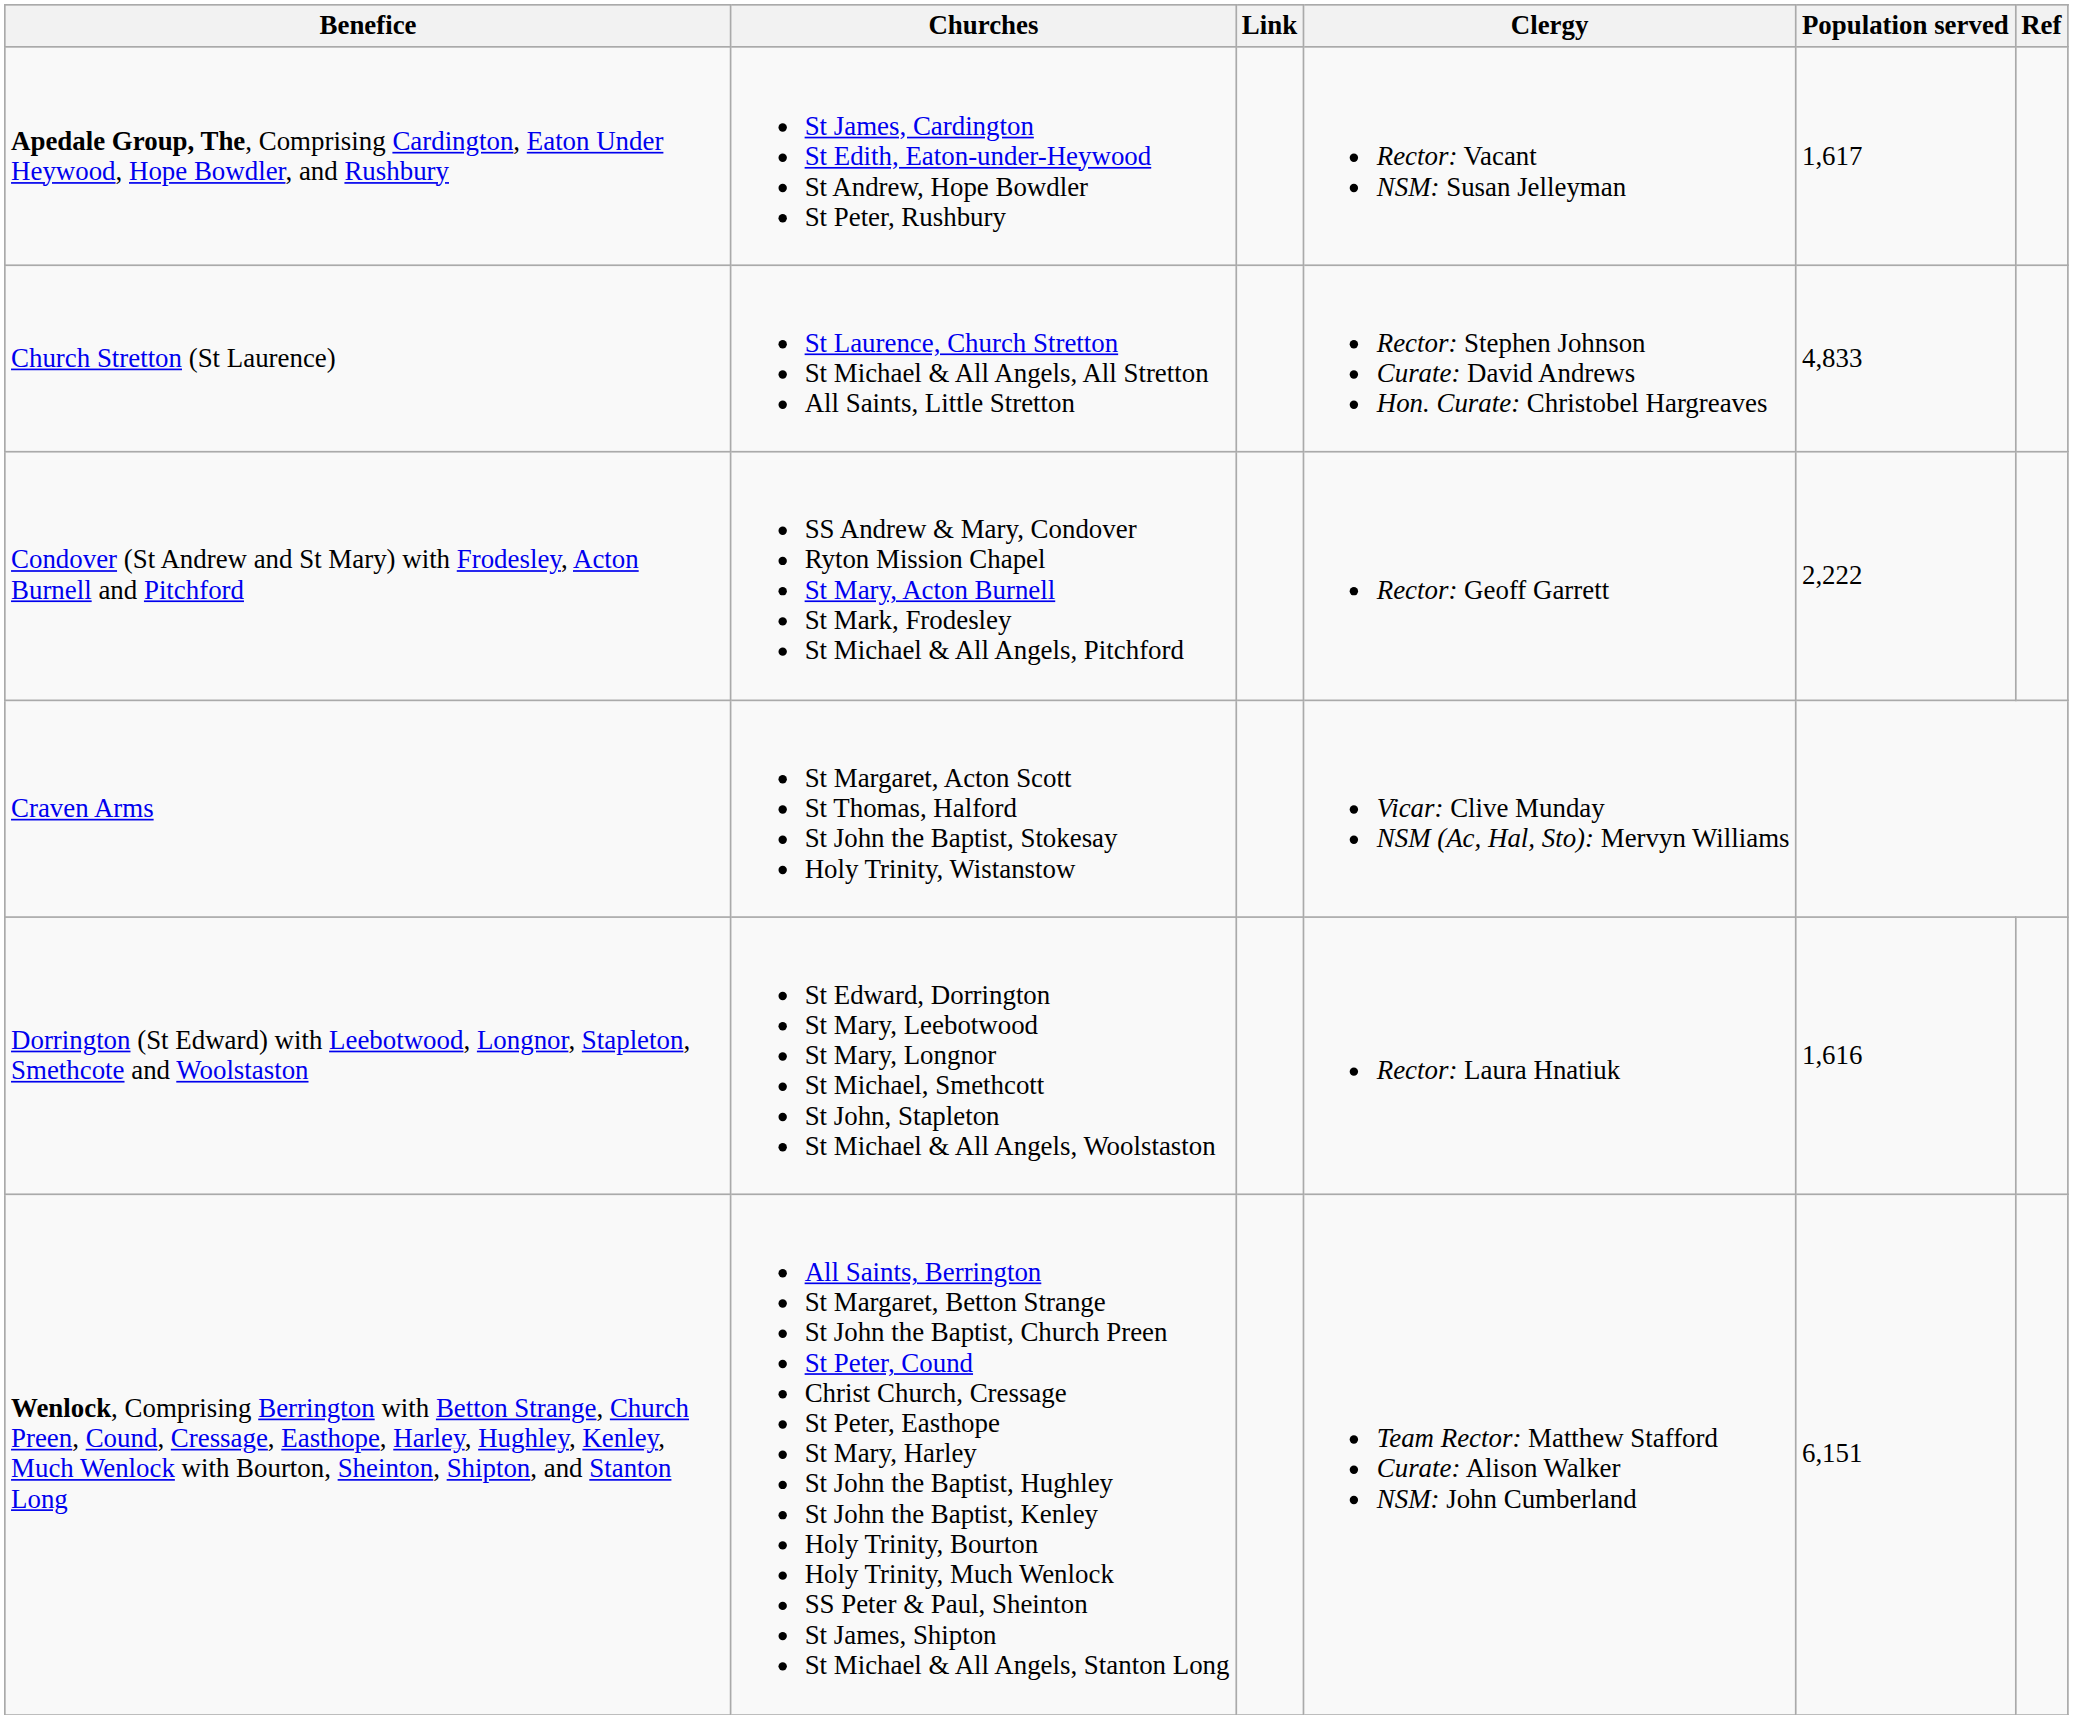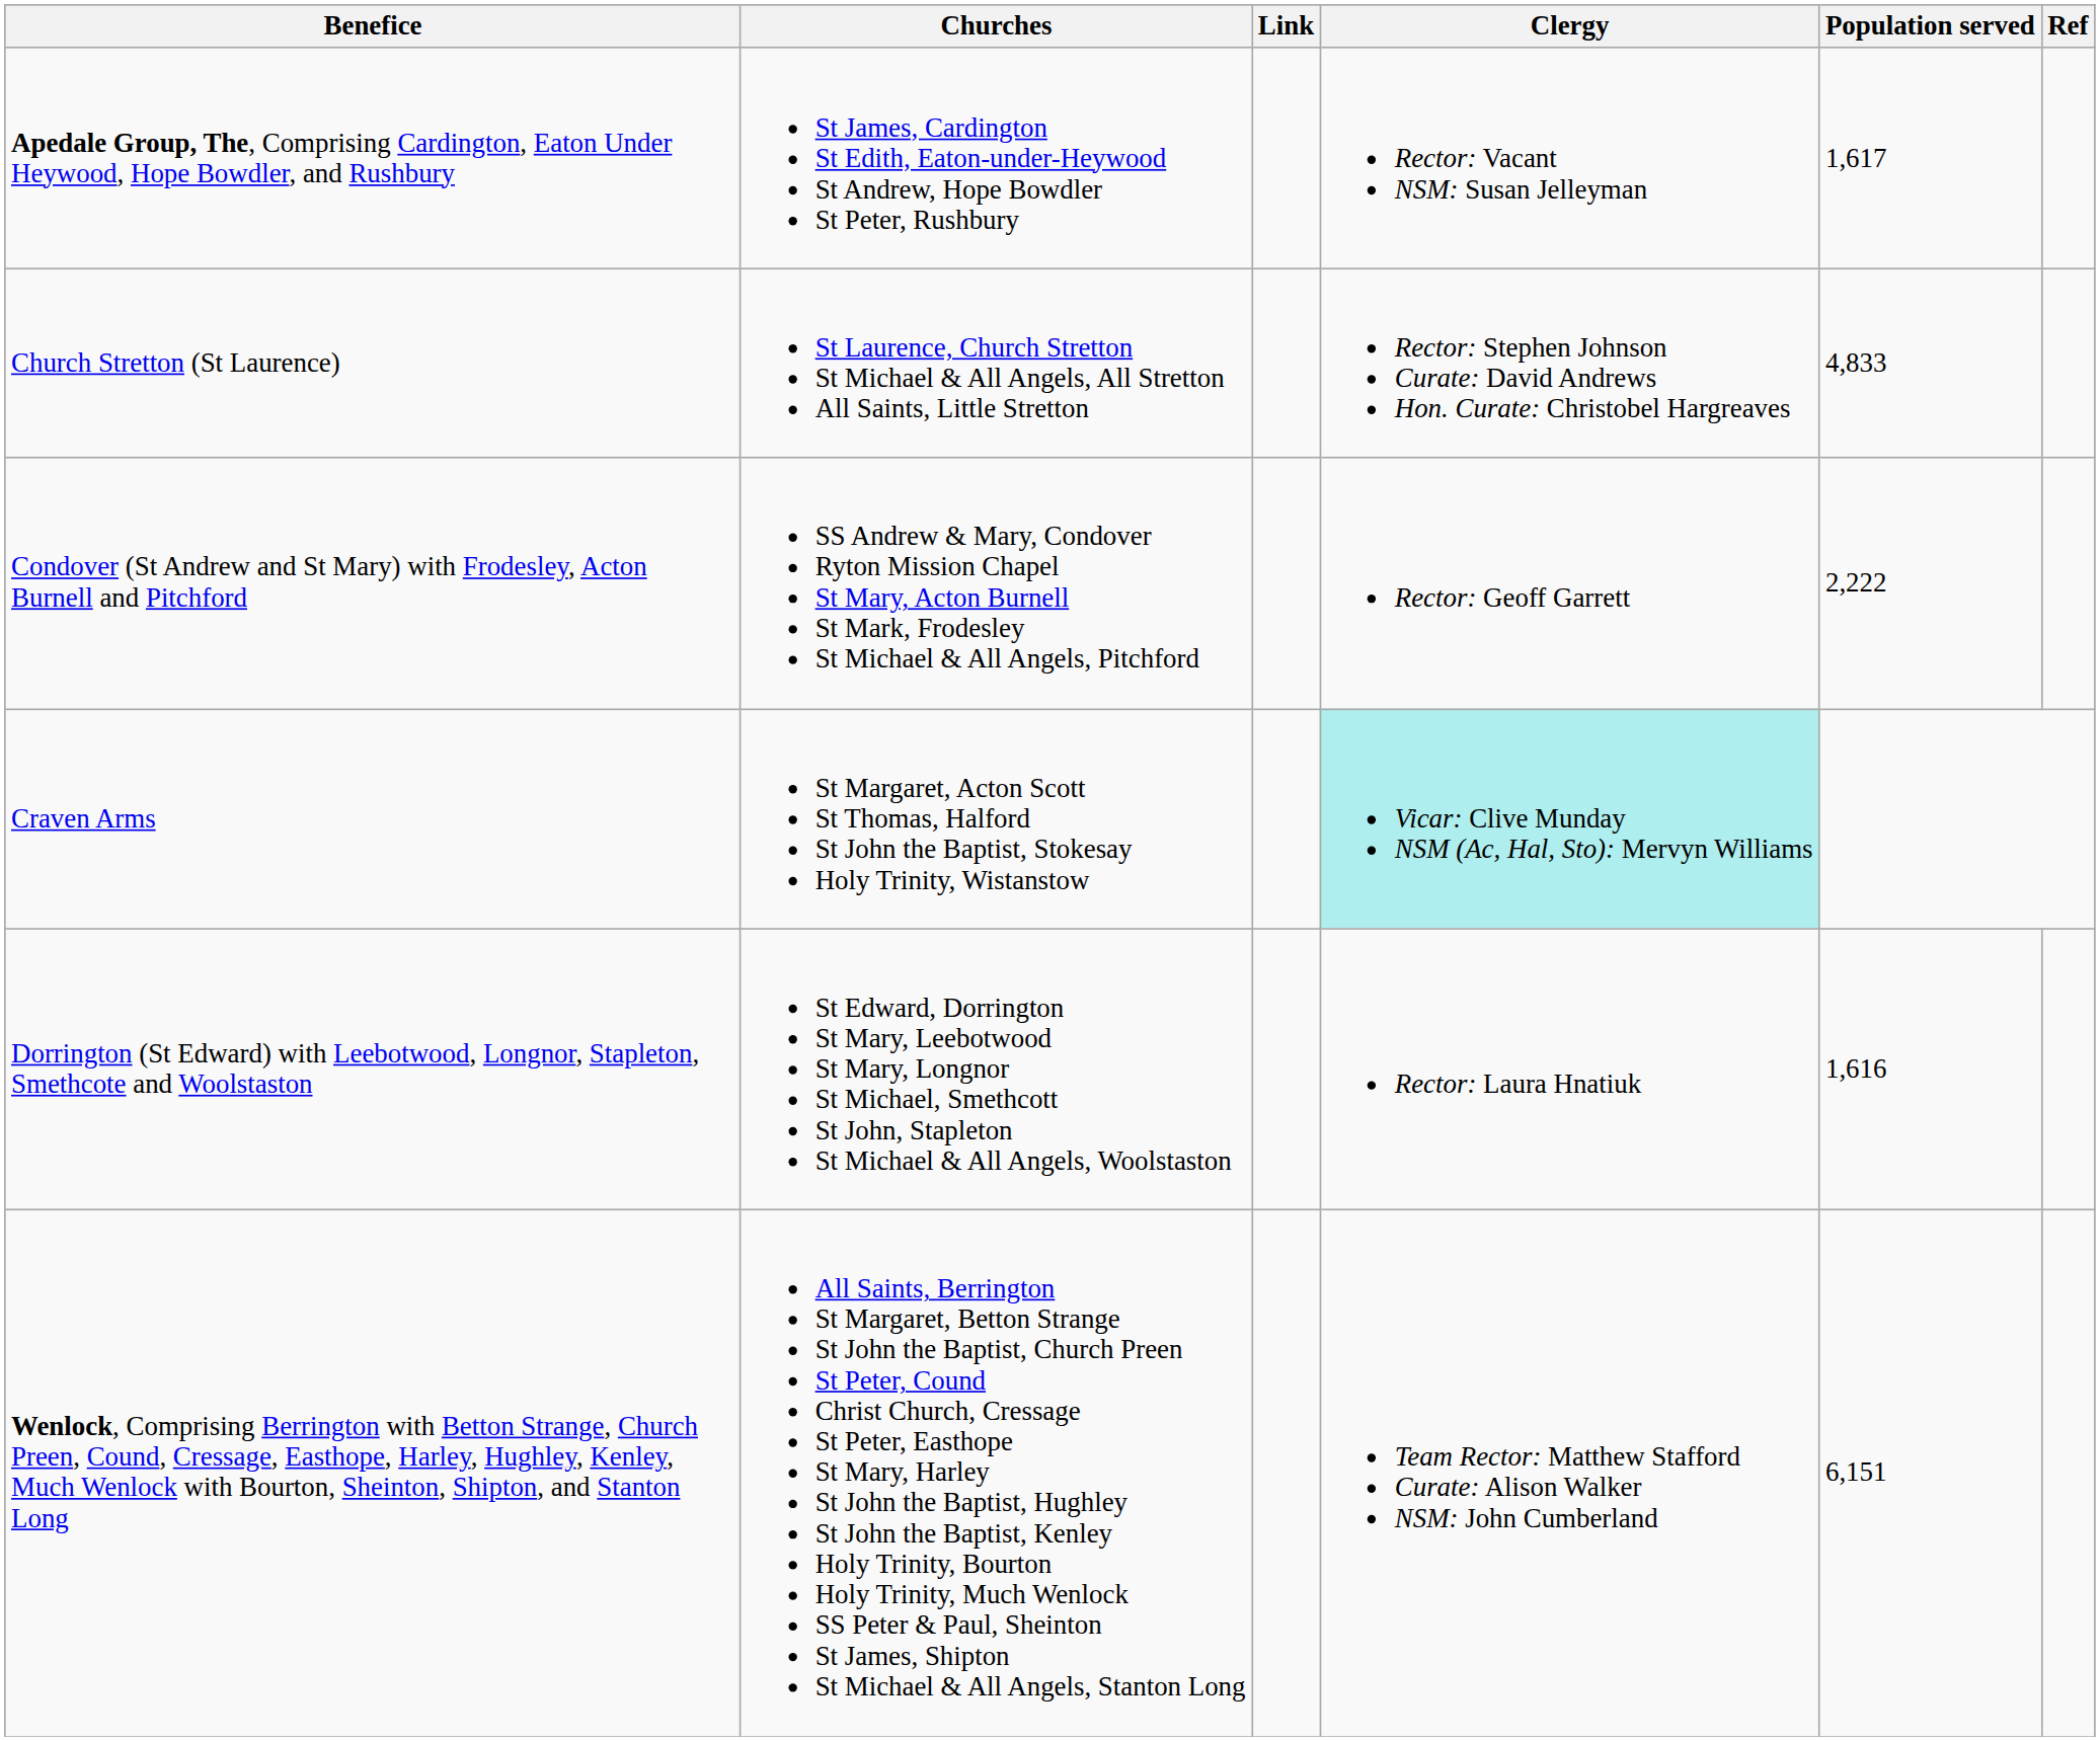 <table class="wikitable">
 <tr>
 <th width="425">Benefice</th>
 <th>Churches</th>
 <th>Link</th>
 <th>Clergy</th>
 <th>Population served</th>
 <th>Ref</th>
 </tr>
 <tr>
 <td><strong>Apedale Group, The</strong>, Comprising <a href='#'>Cardington</a>, <a href='#'>Eaton Under Heywood</a>, <a href='#'>Hope Bowdler</a>, and <a href='#'>Rushbury</a></td>
 <td><br><ul><li><a href='#'>St James, Cardington</a></li><li><a href='#'>St Edith, Eaton-under-Heywood</a></li><li>St Andrew, Hope Bowdler</li><li>St Peter, Rushbury</li></ul></td>
 <td></td>
 <td><br><ul><li><em>Rector:</em> Vacant</li><li><em>NSM:</em> Susan Jelleyman</li></ul></td>
 <td>1,617</td>
 <td></td>
 </tr>
 <tr>
 <td><a href='#'>Church Stretton</a> (St Laurence)</td>
 <td><br><ul><li><a href='#'>St Laurence, Church Stretton</a></li><li>St Michael & All Angels, All Stretton</li><li>All Saints, Little Stretton</li></ul></td>
 <td></td>
 <td><br><ul><li><em>Rector:</em> Stephen Johnson</li><li><em>Curate:</em> David Andrews</li><li><em>Hon. Curate:</em> Christobel Hargreaves</li></ul></td>
 <td>4,833</td>
 <td></td>
 </tr>
 <tr>
 <td><a href='#'>Condover</a> (St Andrew and St Mary) with <a href='#'>Frodesley</a>, <a href='#'>Acton Burnell</a> and <a href='#'>Pitchford</a></td>
 <td><br><ul><li>SS Andrew & Mary, Condover</li><li>Ryton Mission Chapel</li><li><a href='#'>St Mary, Acton Burnell</a></li><li>St Mark, Frodesley</li><li>St Michael & All Angels, Pitchford</li></ul></td>
 <td></td>
 <td><br><ul><li><em>Rector:</em> Geoff Garrett</li></ul></td>
 <td>2,222</td>
 <td></td>
 </tr>
 <tr>
 <td><a href='#'>Craven Arms</a></td>
 <td><br><ul><li>St Margaret, Acton Scott</li><li>St Thomas, Halford</li><li>St John the Baptist, Stokesay</li><li>Holy Trinity, Wistanstow</li></ul></td>
 <td></td>
-<td><br><ul><li><em>Vicar:</em> Clive Munday</li><li><em>NSM (Ac, Hal, Sto):</em> Mervyn Williams</li></ul></td>
+<td style="background: paleturquoise;"><br><ul><li><em>Vicar:</em> Clive Munday</li><li><em>NSM (Ac, Hal, Sto):</em> Mervyn Williams</li></ul></td>
 </tr>
 <tr>
 <td><a href='#'>Dorrington</a> (St Edward) with <a href='#'>Leebotwood</a>, <a href='#'>Longnor</a>, <a href='#'>Stapleton</a>, <a href='#'>Smethcote</a> and <a href='#'>Woolstaston</a></td>
 <td><br><ul><li>St Edward, Dorrington</li><li>St Mary, Leebotwood</li><li>St Mary, Longnor</li><li>St Michael, Smethcott</li><li>St John, Stapleton</li><li>St Michael & All Angels, Woolstaston</li></ul></td>
 <td></td>
 <td><br><ul><li><em>Rector:</em> Laura Hnatiuk</li></ul></td>
 <td>1,616</td>
 <td></td>
 </tr>
 <tr>
 <td><strong>Wenlock</strong>, Comprising <a href='#'>Berrington</a> with <a href='#'>Betton Strange</a>, <a href='#'>Church Preen</a>, <a href='#'>Cound</a>, <a href='#'>Cressage</a>, <a href='#'>Easthope</a>, <a href='#'>Harley</a>, <a href='#'>Hughley</a>, <a href='#'>Kenley</a>, <a href='#'>Much Wenlock</a> with Bourton, <a href='#'>Sheinton</a>, <a href='#'>Shipton</a>, and <a href='#'>Stanton Long</a></td>
 <td><br><ul><li><a href='#'>All Saints, Berrington</a></li><li>St Margaret, Betton Strange</li><li>St John the Baptist, Church Preen</li><li><a href='#'>St Peter, Cound</a></li><li>Christ Church, Cressage</li><li>St Peter, Easthope</li><li>St Mary, Harley</li><li>St John the Baptist, Hughley</li><li>St John the Baptist, Kenley</li><li>Holy Trinity, Bourton</li><li>Holy Trinity, Much Wenlock </li><li>SS Peter & Paul, Sheinton</li><li>St James, Shipton</li><li>St Michael & All Angels, Stanton Long</li></ul></td>
 <td></td>
 <td><br><ul><li><em>Team Rector:</em> Matthew Stafford</li><li><em>Curate:</em> Alison Walker</li><li><em>NSM:</em> John Cumberland</li></ul></td>
 <td>6,151</td>
 <td></td>
 </tr>
 </table>
